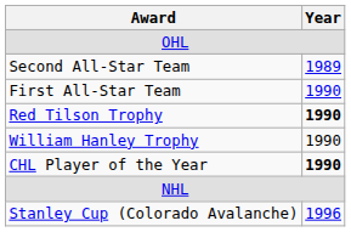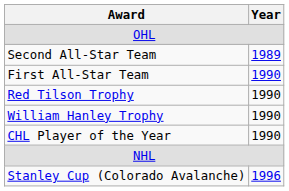 <table class="wikitable">
 <tr>
 <th>Award</th>
 <th>Year</th>
 </tr>
 <tr ALIGN="center" bgcolor="#e0e0e0">
 <td colspan="3"><a href='#'>OHL</a></td>
 </tr>
 <tr>
 <td>Second All-Star Team</td>
 <td><a href='#'>1989</a></td>
 </tr>
 <tr>
 <td>First All-Star Team</td>
 <td><a href='#'>1990</a></td>
 </tr>
 <tr>
 <td><a href='#'>Red Tilson Trophy</a></td>
-<td><strong>1990</strong></td>
+<td>1990</td>
 </tr>
 <tr>
 <td><a href='#'>William Hanley Trophy</a></td>
 <td>1990</td>
 </tr>
 <tr>
 <td><a href='#'>CHL</a> Player of the Year</td>
-<td><strong>1990</strong></td>
+<td>1990</td>
 </tr>
 <tr ALIGN="center" bgcolor="#e0e0e0">
 <td colspan="3"><a href='#'>NHL</a></td>
 </tr>
 <tr>
 <td><a href='#'>Stanley Cup</a> (Colorado Avalanche)</td>
 <td><a href='#'>1996</a></td>
 </tr>
 </table>
